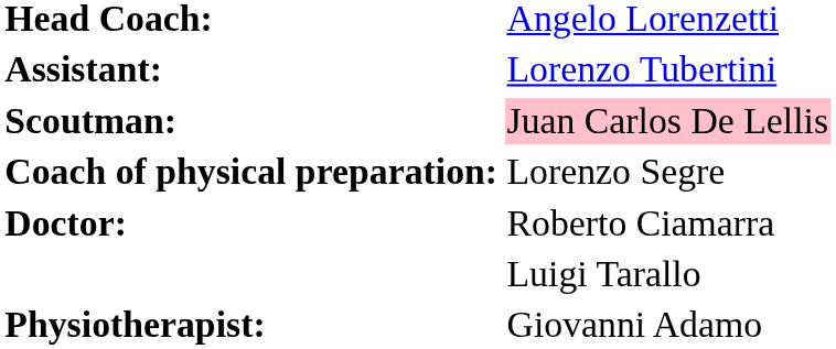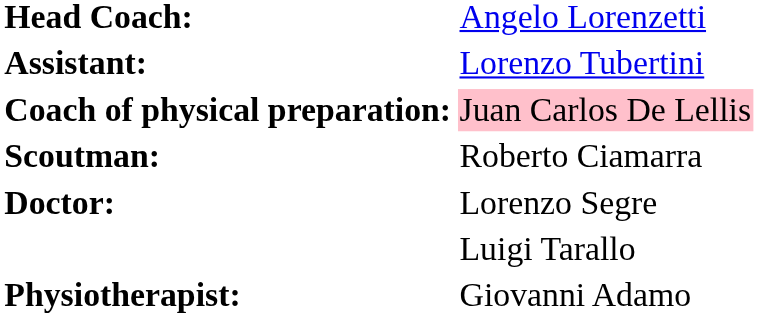 <table>
 <tr>
 <td><strong>Head Coach:</strong></td>
 <td><a href='#'>Angelo Lorenzetti</a></td>
 </tr>
 <tr>
 <td><strong>Assistant:</strong></td>
 <td><a href='#'>Lorenzo Tubertini</a></td>
 </tr>
 <tr>
-<td><strong>Scoutman:</strong></td>
+<td><strong>Coach of physical preparation:</strong></td>
 <td style="background: pink;">Juan Carlos De Lellis</td>
 </tr>
 <tr>
-<td><strong>Coach of physical preparation:</strong></td>
-<td>Lorenzo Segre</td>
+<td><strong>Scoutman:</strong></td>
+<td>Roberto Ciamarra</td>
 </tr>
 <tr>
 <td><strong>Doctor:</strong></td>
-<td>Roberto Ciamarra</td>
+<td>Lorenzo Segre</td>
 </tr>
 <tr>
 <td></td>
 <td>Luigi Tarallo</td>
 </tr>
 <tr>
 <td><strong>Physiotherapist:</strong></td>
 <td>Giovanni Adamo</td>
 </tr>
 <tr>
 </tr>
 </table>
